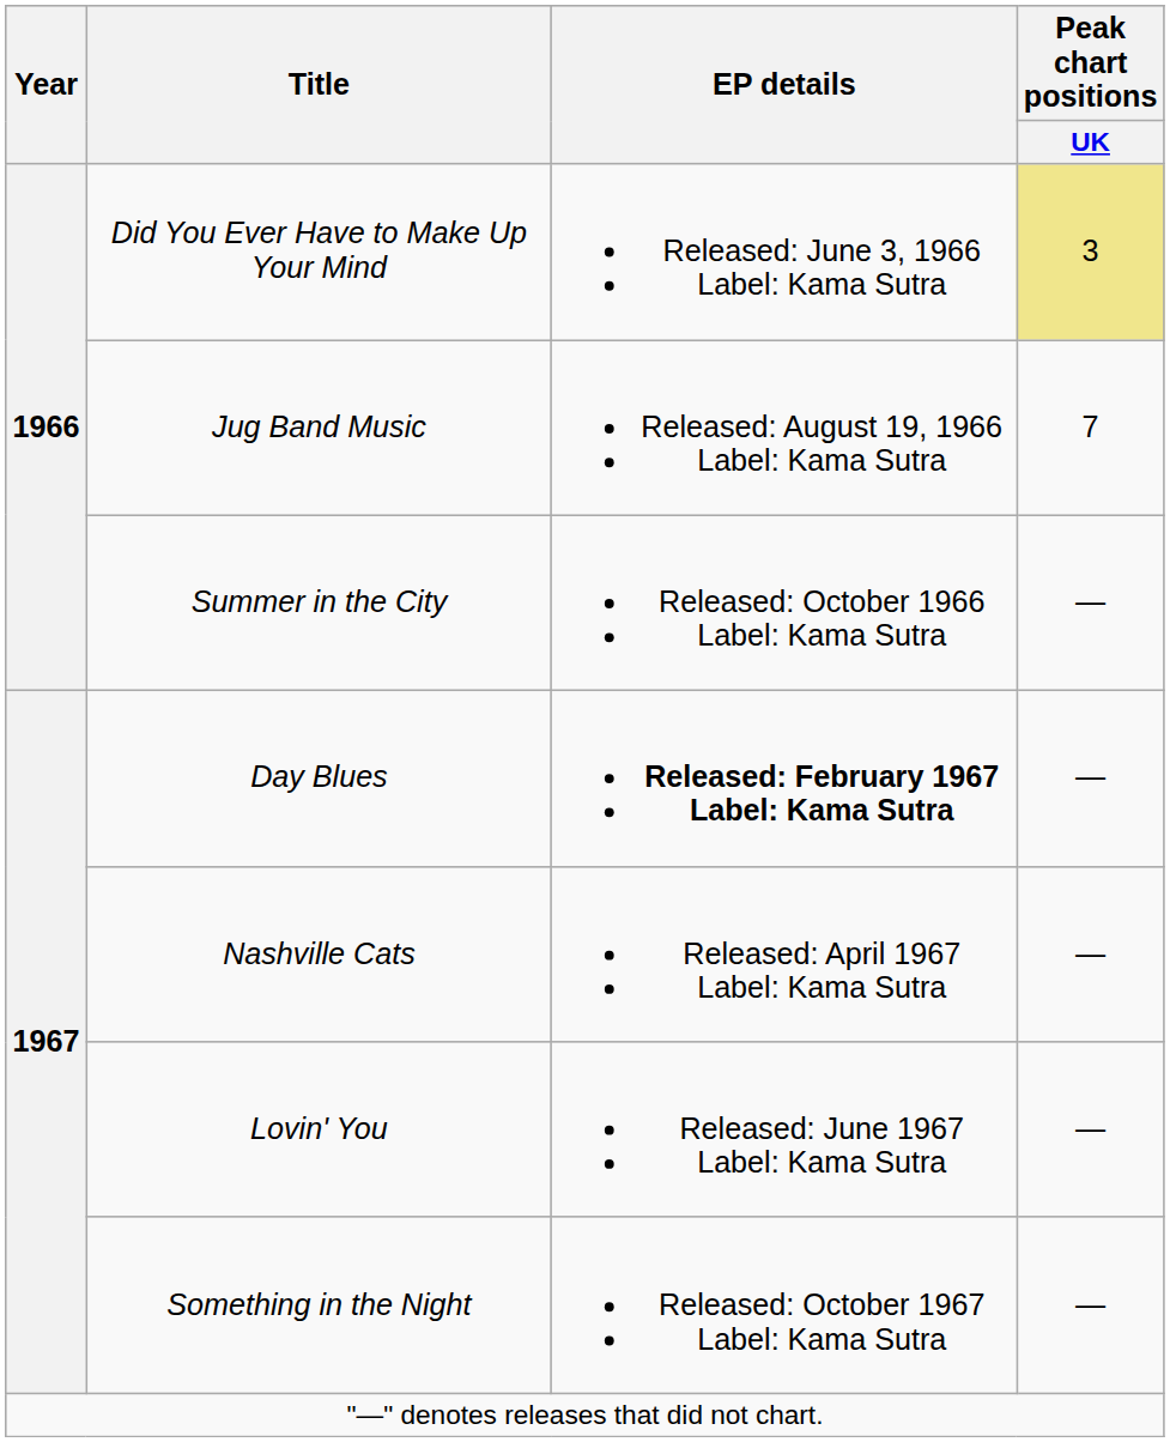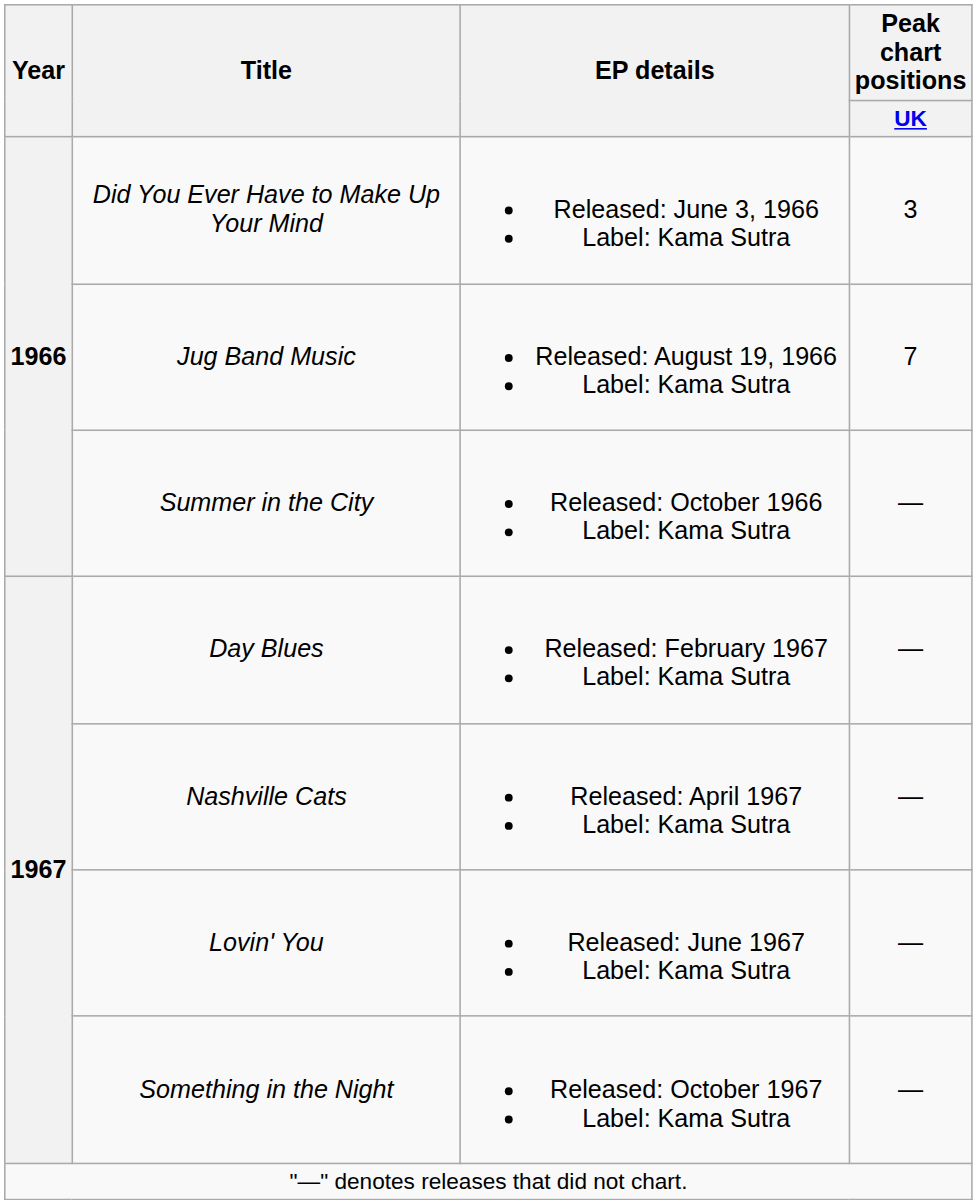 <table class="wikitable plainrowheaders" style="text-align:center;">
 <tr>
 <th width="30" rowspan="2" scope="col">Year</th>
 <th rowspan="2" scope="col" style="width:15em;">Title</th>
 <th rowspan="2" scope="col" style="width:15em;">EP details</th>
 <th scope="colgroup">Peak chart positions</th>
 </tr>
 <tr>
 <th scope="col" style="width:2em;font-size:90%;"><a href='#'>UK</a><br></th>
 </tr>
 <tr>
 <th scope="rowgroup" rowspan="3">1966</th>
 <td><em>Did You Ever Have to Make Up Your Mind</em></td>
 <td><br><ul><li>Released: June 3, 1966</li><li>Label: Kama Sutra </li></ul></td>
-<td style="background: khaki;">3</td>
+<td>3</td>
 </tr>
 <tr>
 <td><em>Jug Band Music</em></td>
 <td><br><ul><li>Released: August 19, 1966</li><li>Label: Kama Sutra </li></ul></td>
 <td>7</td>
 </tr>
 <tr>
 <td><em>Summer in the City</em></td>
 <td><br><ul><li>Released: October 1966</li><li>Label: Kama Sutra </li></ul></td>
 <td>—</td>
 </tr>
 <tr>
 <th scope="rowgroup" rowspan="4">1967</th>
 <td><em>Day Blues</em></td>
-<td><strong><br><ul><li>Released: February 1967</li><li>Label: Kama Sutra </li></ul></strong></td>
+<td><br><ul><li>Released: February 1967</li><li>Label: Kama Sutra </li></ul></td>
 <td>—</td>
 </tr>
 <tr>
 <td><em>Nashville Cats</em></td>
 <td><br><ul><li>Released: April 1967</li><li>Label: Kama Sutra </li></ul></td>
 <td>—</td>
 </tr>
 <tr>
 <td><em>Lovin' You</em></td>
 <td><br><ul><li>Released: June 1967</li><li>Label: Kama Sutra </li></ul></td>
 <td>—</td>
 </tr>
 <tr>
 <td><em>Something in the Night</em></td>
 <td><br><ul><li>Released: October 1967</li><li>Label: Kama Sutra </li></ul></td>
 <td>—</td>
 </tr>
 <tr>
 <td colspan="4" style="font-size:90%">"—" denotes releases that did not chart.</td>
 </tr>
 </table>
